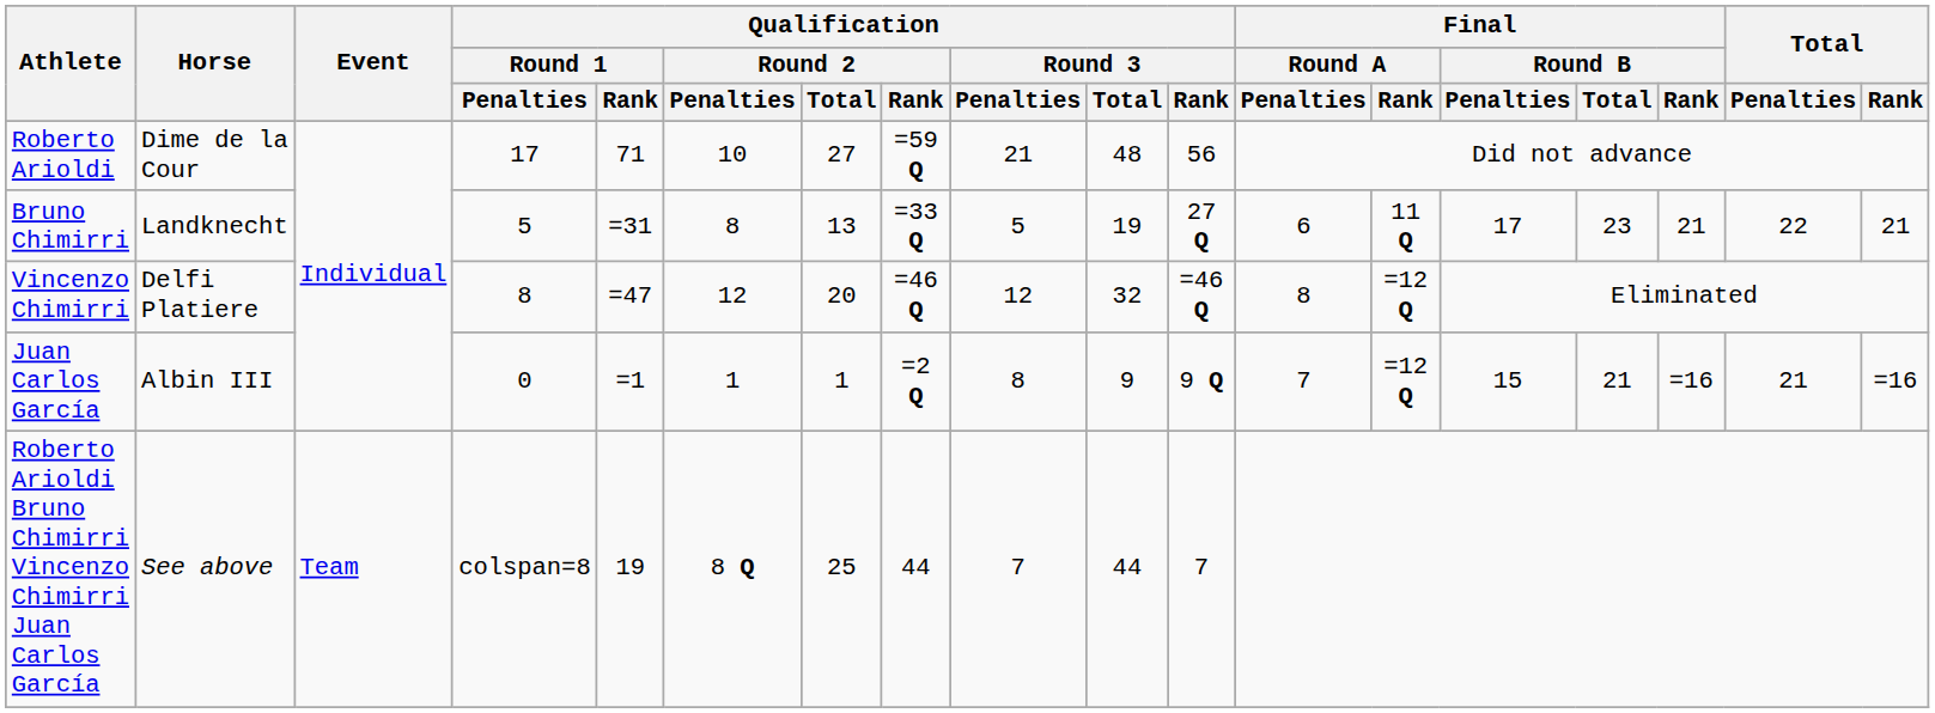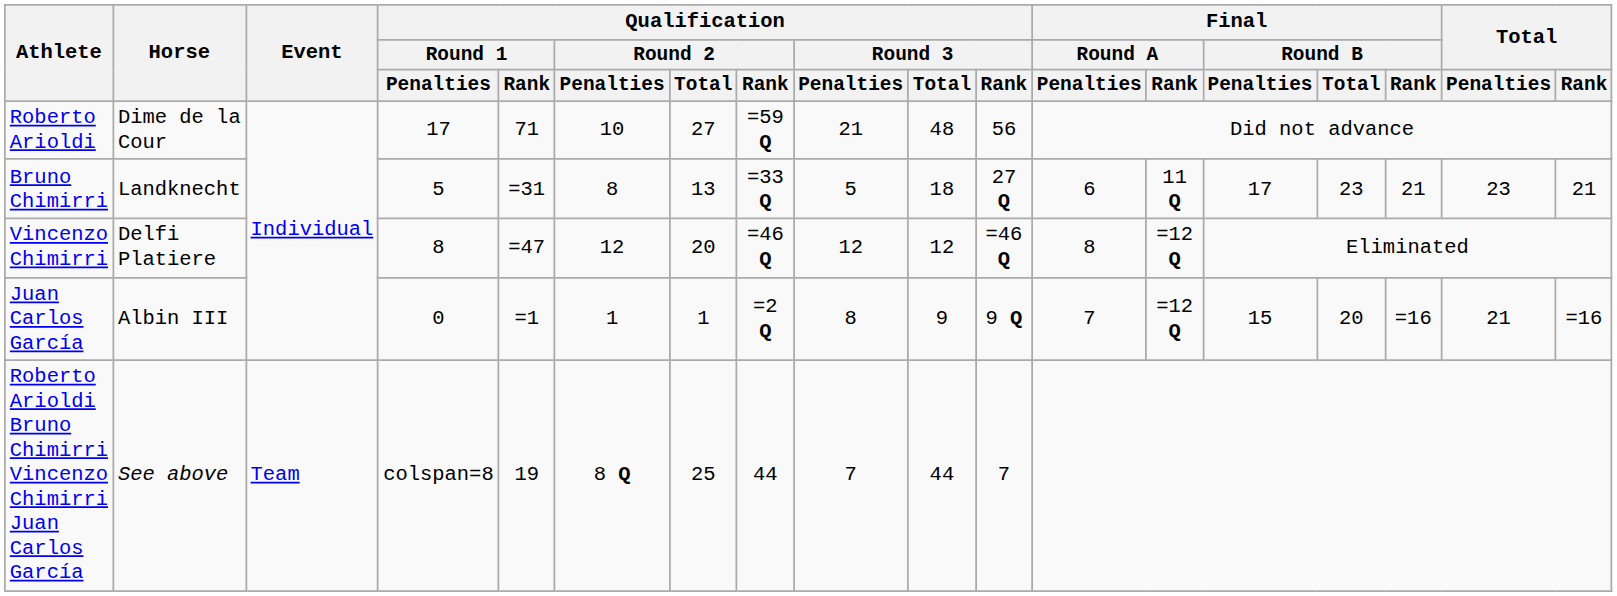 <table class="wikitable" style="font-size:90%">
 <tr>
 <th rowspan="3">Athlete</th>
 <th rowspan="3">Horse</th>
 <th rowspan="3">Event</th>
 <th colspan="8">Qualification</th>
 <th colspan="5">Final</th>
 <th rowspan=2 colspan="2">Total</th>
 </tr>
 <tr style="font-size:95%">
 <th colspan="2">Round 1</th>
 <th colspan="3">Round 2</th>
 <th colspan="3">Round 3</th>
 <th colspan="2">Round A</th>
 <th colspan="3">Round B</th>
 </tr>
 <tr style="font-size:95%">
 <th>Penalties</th>
 <th>Rank</th>
 <th>Penalties</th>
 <th>Total</th>
 <th>Rank</th>
 <th>Penalties</th>
 <th>Total</th>
 <th>Rank</th>
 <th>Penalties</th>
 <th>Rank</th>
 <th>Penalties</th>
 <th>Total</th>
 <th>Rank</th>
 <th>Penalties</th>
 <th>Rank</th>
 </tr>
 <tr align=center>
 <td align=left><a href='#'>Roberto Arioldi</a></td>
 <td align=left>Dime de la Cour</td>
 <td align=left rowspan=4><a href='#'>Individual</a></td>
 <td>17</td>
 <td>71</td>
 <td>10</td>
 <td>27</td>
 <td>=59 <strong>Q</strong></td>
 <td>21</td>
 <td>48</td>
 <td>56</td>
 <td colspan=7>Did not advance</td>
 </tr>
 <tr align=center>
 <td align=left><a href='#'>Bruno Chimirri</a></td>
 <td align=left>Landknecht</td>
 <td>5</td>
 <td>=31</td>
 <td>8</td>
 <td>13</td>
 <td>=33 <strong>Q</strong></td>
 <td>5</td>
-<td>19</td>
+<td>18</td>
 <td>27 <strong>Q</strong></td>
 <td>6</td>
 <td>11 <strong>Q</strong></td>
 <td>17</td>
 <td>23</td>
 <td>21</td>
-<td>22</td>
+<td>23</td>
 <td>21</td>
 </tr>
 <tr align=center>
 <td align=left><a href='#'>Vincenzo Chimirri</a></td>
 <td align=left>Delfi Platiere</td>
 <td>8</td>
 <td>=47</td>
 <td>12</td>
 <td>20</td>
 <td>=46 <strong>Q</strong></td>
 <td>12</td>
-<td>32</td>
+<td>12</td>
 <td>=46 <strong>Q</strong></td>
 <td>8</td>
 <td>=12 <strong>Q</strong></td>
 <td colspan=5>Eliminated</td>
 </tr>
 <tr align=center>
 <td align=left><a href='#'>Juan Carlos García</a></td>
 <td align=left>Albin III</td>
 <td>0</td>
 <td>=1</td>
 <td>1</td>
 <td>1</td>
 <td>=2 <strong>Q</strong></td>
 <td>8</td>
 <td>9</td>
 <td>9 <strong>Q</strong></td>
 <td>7</td>
 <td>=12 <strong>Q</strong></td>
 <td>15</td>
-<td>21</td>
+<td>20</td>
 <td>=16</td>
 <td>21</td>
 <td>=16</td>
 </tr>
 <tr align=center>
 <td align=left><a href='#'>Roberto Arioldi</a><br><a href='#'>Bruno Chimirri</a><br><a href='#'>Vincenzo Chimirri</a><br><a href='#'>Juan Carlos García</a></td>
 <td align=left><em>See above</em></td>
 <td align=left><a href='#'>Team</a></td>
 <td>colspan=8 </td>
 <td>19</td>
 <td>8 <strong>Q</strong></td>
 <td>25</td>
 <td>44</td>
 <td>7</td>
 <td>44</td>
 <td>7</td>
 </tr>
 </table>
